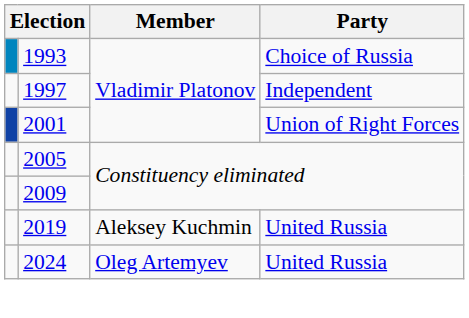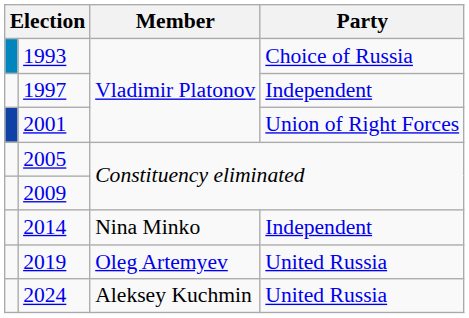 <table class="wikitable">
 <tr>
 <th colspan="2">Election</th>
 <th>Member</th>
 <th>Party</th>
 </tr>
 <tr>
 <td style="background-color:#0085BE"></td>
 <td><a href='#'>1993</a></td>
 <td rowspan=3><a href='#'>Vladimir Platonov</a></td>
 <td><a href='#'>Choice of Russia</a></td>
 </tr>
 <tr>
 <td style="background-color:"></td>
 <td><a href='#'>1997</a></td>
 <td><a href='#'>Independent</a></td>
 </tr>
 <tr>
 <td style="background-color:#1042A5"></td>
 <td><a href='#'>2001</a></td>
 <td><a href='#'>Union of Right Forces</a></td>
 </tr>
 <tr>
 <td style="background-color:"></td>
 <td><a href='#'>2005</a></td>
 <td colspan=2 rowspan=2><em>Constituency eliminated</em></td>
 </tr>
 <tr>
 <td style="background-color:"></td>
 <td><a href='#'>2009</a></td>
 </tr>
 <tr>
 <td style="background-color:"></td>
+<td><a href='#'>2014</a></td>
+<td>Nina Minko</td>
+<td><a href='#'>Independent</a></td>
+</tr>
+<tr>
+<td style="background-color:"></td>
 <td><a href='#'>2019</a></td>
-<td>Aleksey Kuchmin</td>
+<td><a href='#'>Oleg Artemyev</a></td>
 <td><a href='#'>United Russia</a></td>
 </tr>
 <tr>
 <td style="background-color:"></td>
 <td><a href='#'>2024</a></td>
-<td><a href='#'>Oleg Artemyev</a></td>
+<td>Aleksey Kuchmin</td>
 <td><a href='#'>United Russia</a></td>
 </tr>
 </table>
